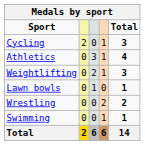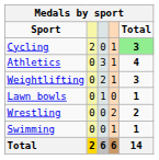 <table class="wikitable" style="text-align:center;font-size:90%">
 <tr style="background:#efefef;">
 <th colspan=7><strong>Medals by sport</strong></th>
 </tr>
 <tr>
 <td><strong>Sport</strong></td>
 <td bgcolor=#f7f6a8></td>
 <td bgcolor=#dce5e5></td>
 <td bgcolor=#ffdab9></td>
 <td><strong>Total</strong></td>
 </tr>
 <tr>
 <td style="text-align:left;"><a href='#'>Cycling</a></td>
 <td style="background:#F7F6A8;">2</td>
 <td style="background:#DCE5E5;">0</td>
 <td style="background:#FFDAB9;">1</td>
-<td><strong>3</strong></td>
+<td style="background: lightgreen;"><strong>3</strong></td>
 </tr>
 <tr>
 <td style="text-align:left;"><a href='#'>Athletics</a></td>
 <td style="background:#F7F6A8;">0</td>
 <td style="background:#DCE5E5;">3</td>
 <td style="background:#FFDAB9;">1</td>
 <td><strong>4</strong></td>
 </tr>
 <tr>
 <td style="text-align:left;"><a href='#'>Weightlifting</a></td>
 <td style="background:#F7F6A8;">0</td>
 <td style="background:#DCE5E5;">2</td>
 <td style="background:#FFDAB9;">1</td>
 <td><strong>3</strong></td>
 </tr>
 <tr>
 <td style="text-align:left;"><a href='#'>Lawn bowls</a></td>
 <td style="background:#F7F6A8;">0</td>
 <td style="background:#DCE5E5;">1</td>
 <td style="background:#FFDAB9;">0</td>
 <td><strong>1</strong></td>
 </tr>
 <tr>
 <td style="text-align:left;"><a href='#'>Wrestling</a></td>
 <td style="background:#F7F6A8;">0</td>
 <td style="background:#DCE5E5;">0</td>
 <td style="background:#FFDAB9;">2</td>
 <td><strong>2</strong></td>
 </tr>
 <tr>
 <td style="text-align:left;"><a href='#'>Swimming</a></td>
 <td style="background:#F7F6A8;">0</td>
 <td style="background:#DCE5E5;">0</td>
 <td style="background:#FFDAB9;">1</td>
 <td><strong>1</strong></td>
 </tr>
 <tr>
 <th style="text-align:left;"><strong>Total</strong></th>
 <th style="background:gold;"><strong>2</strong></th>
 <th style="background:silver;"><strong>6</strong></th>
 <th style="background:#c96;"><strong>6</strong></th>
 <th><strong>14</strong></th>
 </tr>
 </table>
